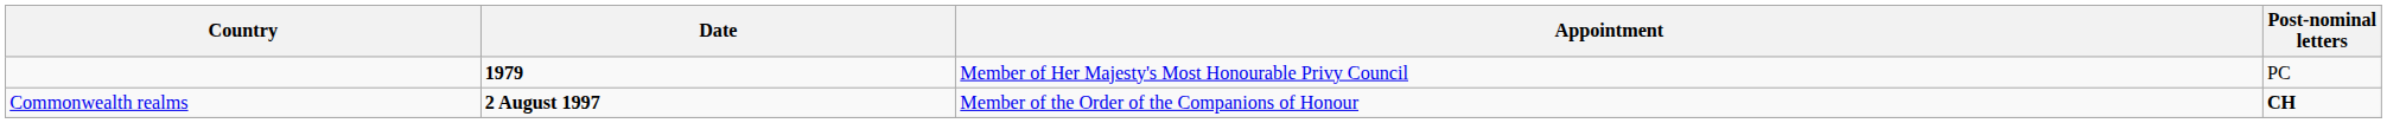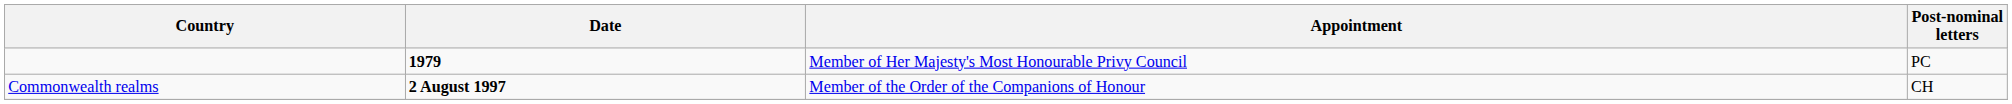 <table class="wikitable" style="width:100%;">
 <tr>
 <th style="width:20%;">Country</th>
 <th style="width:20%;">Date</th>
 <th style="width:55%;">Appointment</th>
 <th style="width:5%;">Post-nominal letters</th>
 </tr>
 <tr>
 <td></td>
 <td><strong>1979</strong></td>
 <td><a href='#'>Member of Her Majesty's Most Honourable Privy Council</a></td>
 <td>PC</td>
 </tr>
 <tr>
 <td><a href='#'>Commonwealth realms</a></td>
 <td><strong>2 August 1997</strong></td>
 <td><a href='#'>Member of the Order of the Companions of Honour</a></td>
-<td><strong>CH</strong></td>
+<td>CH</td>
 </tr>
 <tr>
 </tr>
 </table>
